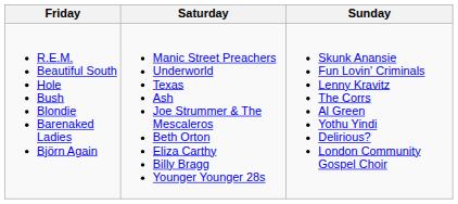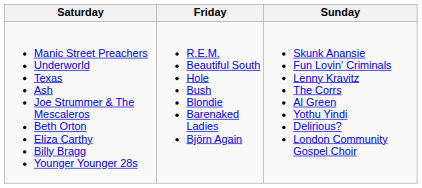 <table class="wikitable">
 <tr>
+<th>Saturday</th>
 <th>Friday</th>
-<th>Saturday</th>
 <th>Sunday</th>
 </tr>
 <tr valign="top">
+<td><br><ul><li><a href='#'>Manic Street Preachers</a></li><li><a href='#'>Underworld</a></li><li><a href='#'>Texas</a></li><li><a href='#'>Ash</a></li><li><a href='#'>Joe Strummer & The Mescaleros</a></li><li><a href='#'>Beth Orton</a></li><li><a href='#'>Eliza Carthy</a></li><li><a href='#'>Billy Bragg</a></li><li><a href='#'>Younger Younger 28s</a></li></ul></td>
 <td><br><ul><li><a href='#'>R.E.M.</a></li><li><a href='#'>Beautiful South</a></li><li><a href='#'>Hole</a></li><li><a href='#'>Bush</a></li><li><a href='#'>Blondie</a></li><li><a href='#'>Barenaked Ladies</a></li><li><a href='#'>Björn Again</a></li></ul></td>
-<td><br><ul><li><a href='#'>Manic Street Preachers</a></li><li><a href='#'>Underworld</a></li><li><a href='#'>Texas</a></li><li><a href='#'>Ash</a></li><li><a href='#'>Joe Strummer & The Mescaleros</a></li><li><a href='#'>Beth Orton</a></li><li><a href='#'>Eliza Carthy</a></li><li><a href='#'>Billy Bragg</a></li><li><a href='#'>Younger Younger 28s</a></li></ul></td>
 <td><br><ul><li><a href='#'>Skunk Anansie</a></li><li><a href='#'>Fun Lovin' Criminals</a></li><li><a href='#'>Lenny Kravitz</a></li><li><a href='#'>The Corrs</a></li><li><a href='#'>Al Green</a></li><li><a href='#'>Yothu Yindi</a></li><li><a href='#'>Delirious?</a></li><li><a href='#'>London Community Gospel Choir</a></li></ul></td>
 </tr>
 </table>
